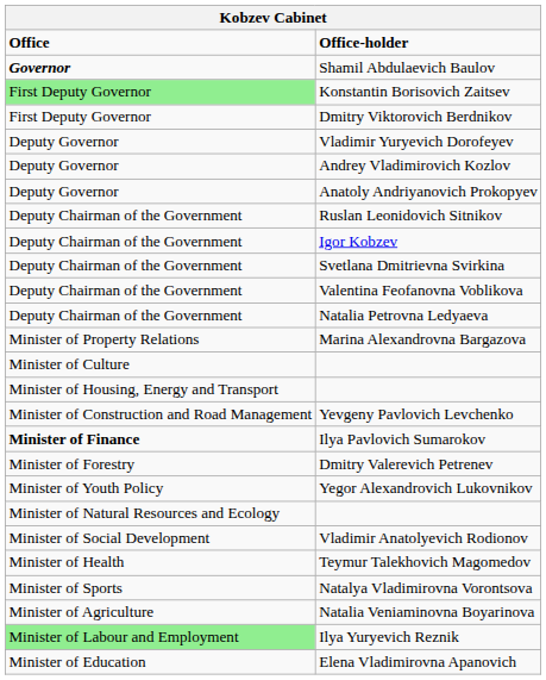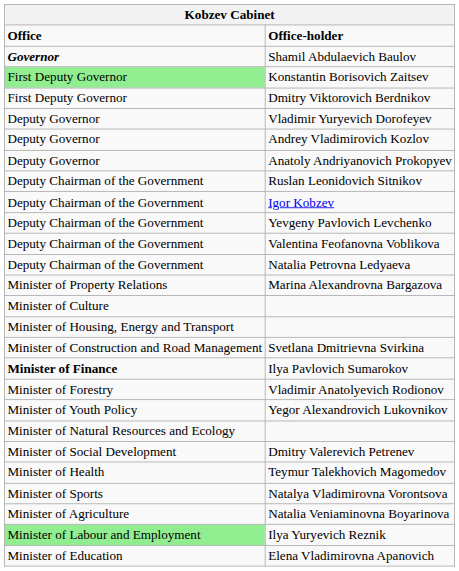 <table class="wikitable">
 <tr>
 <th colspan="2">Kobzev Cabinet</th>
 </tr>
 <tr>
 <td><strong>Office</strong></td>
 <td><strong>Office-holder</strong></td>
 </tr>
 <tr>
 <td><strong><em>Governor</em></strong></td>
 <td>Shamil Abdulaevich Baulov</td>
 </tr>
 <tr>
 <td style="background: lightgreen;">First Deputy Governor</td>
 <td>Konstantin Borisovich Zaitsev</td>
 </tr>
 <tr>
 <td>First Deputy Governor</td>
 <td>Dmitry Viktorovich Berdnikov</td>
 </tr>
 <tr>
 <td>Deputy Governor</td>
 <td>Vladimir Yuryevich Dorofeyev</td>
 </tr>
 <tr>
 <td>Deputy Governor</td>
 <td>Andrey Vladimirovich Kozlov</td>
 </tr>
 <tr>
 <td>Deputy Governor</td>
 <td>Anatoly Andriyanovich Prokopyev</td>
 </tr>
 <tr>
 <td>Deputy Chairman of the Government</td>
 <td>Ruslan Leonidovich Sitnikov</td>
 </tr>
 <tr>
 <td>Deputy Chairman of the Government</td>
 <td><a href='#'>Igor Kobzev</a></td>
 </tr>
 <tr>
 <td>Deputy Chairman of the Government</td>
-<td>Svetlana Dmitrievna Svirkina</td>
+<td>Yevgeny Pavlovich Levchenko</td>
 </tr>
 <tr>
 <td>Deputy Chairman of the Government</td>
 <td>Valentina Feofanovna Voblikova</td>
 </tr>
 <tr>
 <td>Deputy Chairman of the Government</td>
 <td>Natalia Petrovna Ledyaeva</td>
 </tr>
 <tr>
 <td>Minister of Property Relations</td>
 <td>Marina Alexandrovna Bargazova</td>
 </tr>
 <tr>
 <td>Minister of Culture</td>
 <td></td>
 </tr>
 <tr>
 <td>Minister of Housing, Energy and Transport</td>
 <td></td>
 </tr>
 <tr>
 <td>Minister of Construction and Road Management</td>
-<td>Yevgeny Pavlovich Levchenko</td>
+<td>Svetlana Dmitrievna Svirkina</td>
 </tr>
 <tr>
 <td><strong>Minister of Finance</strong></td>
 <td>Ilya Pavlovich Sumarokov</td>
 </tr>
 <tr>
 <td>Minister of Forestry</td>
-<td>Dmitry Valerevich Petrenev</td>
+<td>Vladimir Anatolyevich Rodionov</td>
 </tr>
 <tr>
 <td>Minister of Youth Policy</td>
 <td>Yegor Alexandrovich Lukovnikov</td>
 </tr>
 <tr>
 <td>Minister of Natural Resources and Ecology</td>
 <td></td>
 </tr>
 <tr>
 <td>Minister of Social Development</td>
-<td>Vladimir Anatolyevich Rodionov</td>
+<td>Dmitry Valerevich Petrenev</td>
 </tr>
 <tr>
 <td>Minister of Health</td>
 <td>Teymur Talekhovich Magomedov</td>
 </tr>
 <tr>
 <td>Minister of Sports</td>
 <td>Natalya Vladimirovna Vorontsova</td>
 </tr>
 <tr>
 <td>Minister of Agriculture</td>
 <td>Natalia Veniaminovna Boyarinova</td>
 </tr>
 <tr>
 <td style="background: lightgreen;">Minister of Labour and Employment</td>
 <td>Ilya Yuryevich Reznik</td>
 </tr>
 <tr>
 <td>Minister of Education</td>
 <td>Elena Vladimirovna Apanovich</td>
 </tr>
 </table>
